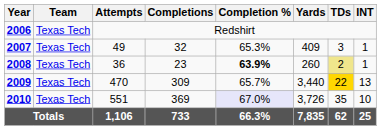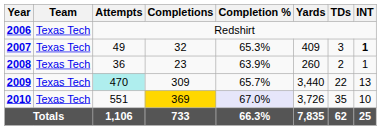 <table class="wikitable" style="text-align:center;">
 <tr>
 <th>Year</th>
 <th>Team</th>
 <th>Attempts</th>
 <th>Completions</th>
 <th>Completion %</th>
 <th>Yards</th>
 <th>TDs</th>
 <th>INT</th>
 </tr>
 <tr>
 <td><strong><a href='#'>2006</a></strong></td>
 <td><a href='#'>Texas Tech</a></td>
 <td colspan=6 style="text-align:center;">Redshirt</td>
 </tr>
 <tr>
 <td><strong><a href='#'>2007</a></strong></td>
 <td><a href='#'>Texas Tech</a></td>
 <td>49</td>
 <td>32</td>
 <td>65.3%</td>
 <td>409</td>
 <td>3</td>
-<td>1</td>
+<td><strong>1</strong></td>
 </tr>
 <tr>
 <td><strong><a href='#'>2008</a></strong></td>
 <td><a href='#'>Texas Tech</a></td>
 <td>36</td>
 <td>23</td>
-<td><strong>63.9%</strong></td>
+<td>63.9%</td>
 <td>260</td>
-<td style="background: khaki;">2</td>
+<td>2</td>
 <td>1</td>
 </tr>
 <tr>
 <td><strong><a href='#'>2009</a></strong></td>
 <td><a href='#'>Texas Tech</a></td>
-<td>470</td>
+<td style="background: paleturquoise;">470</td>
 <td>309</td>
 <td>65.7%</td>
 <td>3,440</td>
-<td style="background: gold;">22</td>
+<td>22</td>
 <td>13</td>
 </tr>
 <tr>
 <td><strong><a href='#'>2010</a></strong></td>
 <td><a href='#'>Texas Tech</a></td>
 <td>551</td>
-<td>369</td>
+<td style="background: gold;">369</td>
 <td style="background: lavender;">67.0%</td>
 <td>3,726</td>
 <td>35</td>
 <td>10</td>
 </tr>
 <tr style="background:#555555;font-weight:bold;color:white;">
 <td colspan=2>Totals</td>
 <td>1,106</td>
 <td>733</td>
 <td>66.3%</td>
 <td>7,835</td>
 <td>62</td>
 <td>25</td>
 </tr>
 <tr style="background:#555555;font-weight:bold;color:white;">
 </tr>
 </table>
